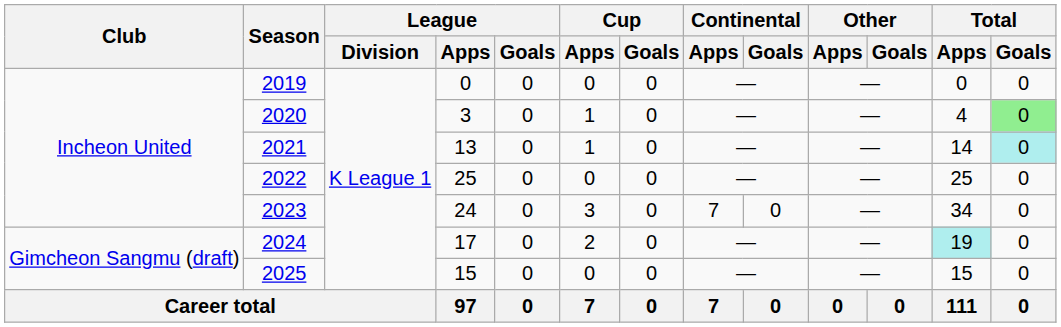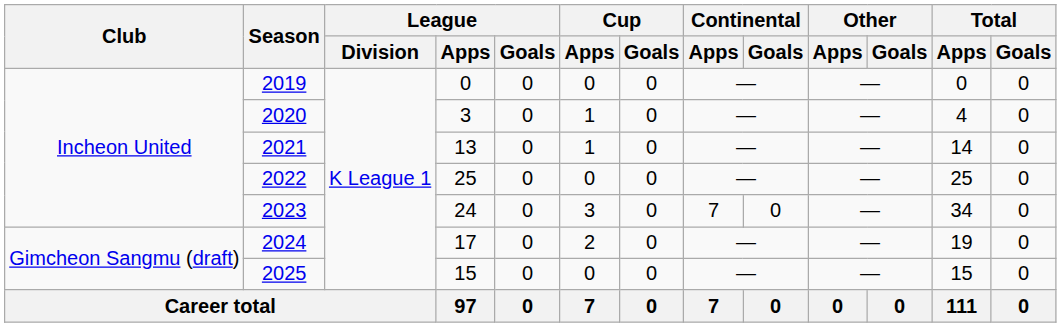 <table class="wikitable" style="text-align: center">
 <tr>
 <th rowspan="2">Club</th>
 <th rowspan="2">Season</th>
 <th colspan="3">League</th>
 <th colspan="2">Cup</th>
 <th colspan="2">Continental</th>
 <th colspan="2">Other</th>
 <th colspan="2">Total</th>
 </tr>
 <tr>
 <th>Division</th>
 <th>Apps</th>
 <th>Goals</th>
 <th>Apps</th>
 <th>Goals</th>
 <th>Apps</th>
 <th>Goals</th>
 <th>Apps</th>
 <th>Goals</th>
 <th>Apps</th>
 <th>Goals</th>
 </tr>
 <tr>
 <td rowspan="5"><a href='#'>Incheon United</a></td>
 <td><a href='#'>2019</a></td>
 <td rowspan="7"><a href='#'>K League 1</a></td>
 <td>0</td>
 <td>0</td>
 <td>0</td>
 <td>0</td>
 <td colspan=2>—</td>
 <td colspan=2>—</td>
 <td>0</td>
 <td>0</td>
 </tr>
 <tr>
 <td><a href='#'>2020</a></td>
 <td>3</td>
 <td>0</td>
 <td>1</td>
 <td>0</td>
 <td colspan=2>—</td>
 <td colspan=2>—</td>
 <td>4</td>
-<td style="background: lightgreen;">0</td>
+<td>0</td>
 </tr>
 <tr>
 <td><a href='#'>2021</a></td>
 <td>13</td>
 <td>0</td>
 <td>1</td>
 <td>0</td>
 <td colspan=2>—</td>
 <td colspan=2>—</td>
 <td>14</td>
-<td style="background: paleturquoise;">0</td>
+<td>0</td>
 </tr>
 <tr>
 <td><a href='#'>2022</a></td>
 <td>25</td>
 <td>0</td>
 <td>0</td>
 <td>0</td>
 <td colspan=2>—</td>
 <td colspan=2>—</td>
 <td>25</td>
 <td>0</td>
 </tr>
 <tr>
 <td><a href='#'>2023</a></td>
 <td>24</td>
 <td>0</td>
 <td>3</td>
 <td>0</td>
 <td>7</td>
 <td>0</td>
 <td colspan=2>—</td>
 <td>34</td>
 <td>0</td>
 </tr>
 <tr>
 <td rowspan="2"><a href='#'>Gimcheon Sangmu</a> (<a href='#'>draft</a>)</td>
 <td><a href='#'>2024</a></td>
 <td>17</td>
 <td>0</td>
 <td>2</td>
 <td>0</td>
 <td colspan=2>—</td>
 <td colspan=2>—</td>
-<td style="background: paleturquoise;">19</td>
+<td>19</td>
 <td>0</td>
 </tr>
 <tr>
 <td><a href='#'>2025</a></td>
 <td>15</td>
 <td>0</td>
 <td>0</td>
 <td>0</td>
 <td colspan=2>—</td>
 <td colspan=2>—</td>
 <td>15</td>
 <td>0</td>
 </tr>
 <tr>
 <th colspan=3>Career total</th>
 <th>97</th>
 <th>0</th>
 <th>7</th>
 <th>0</th>
 <th>7</th>
 <th>0</th>
 <th>0</th>
 <th>0</th>
 <th>111</th>
 <th>0</th>
 </tr>
 </table>
